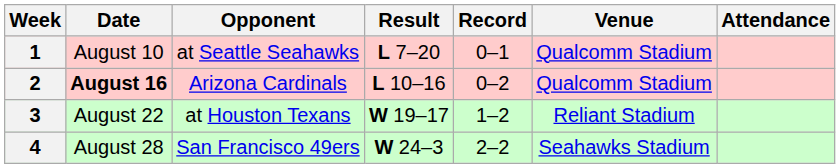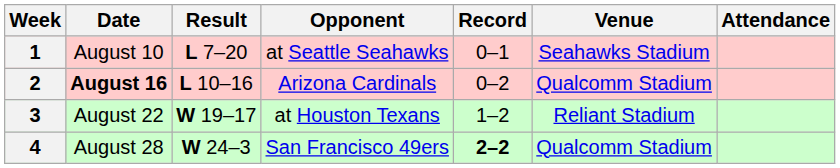 <table class="wikitable" style="text-align:center">
 <tr>
 <th>Week</th>
 <th>Date</th>
+<th>Result</th>
 <th>Opponent</th>
-<th>Result</th>
 <th>Record</th>
 <th>Venue</th>
 <th>Attendance</th>
 </tr>
 <tr style="background: #fcc;">
 <th>1</th>
 <td>August 10</td>
+<td><strong>L</strong> 7–20</td>
 <td>at <a href='#'>Seattle Seahawks</a></td>
-<td><strong>L</strong> 7–20</td>
 <td>0–1</td>
-<td><a href='#'>Qualcomm Stadium</a></td>
+<td><a href='#'>Seahawks Stadium</a></td>
 <td></td>
 </tr>
 <tr style="background: #fcc;">
 <th>2</th>
 <td><strong>August 16</strong></td>
+<td><strong>L</strong> 10–16</td>
 <td><a href='#'>Arizona Cardinals</a></td>
-<td><strong>L</strong> 10–16</td>
 <td>0–2</td>
 <td><a href='#'>Qualcomm Stadium</a></td>
 <td></td>
 </tr>
 <tr style="background: #cfc;">
 <th>3</th>
 <td>August 22</td>
+<td><strong>W</strong> 19–17</td>
 <td>at <a href='#'>Houston Texans</a></td>
-<td><strong>W</strong> 19–17</td>
 <td>1–2</td>
 <td><a href='#'>Reliant Stadium</a></td>
 <td></td>
 </tr>
 <tr style="background: #cfc;">
 <th>4</th>
 <td>August 28</td>
+<td><strong>W</strong> 24–3</td>
 <td><a href='#'>San Francisco 49ers</a></td>
-<td><strong>W</strong> 24–3</td>
-<td>2–2</td>
-<td><a href='#'>Seahawks Stadium</a></td>
+<td><strong>2–2</strong></td>
+<td><a href='#'>Qualcomm Stadium</a></td>
 <td></td>
 </tr>
 </table>
